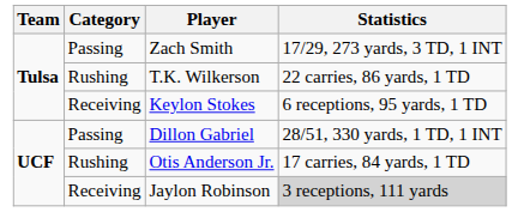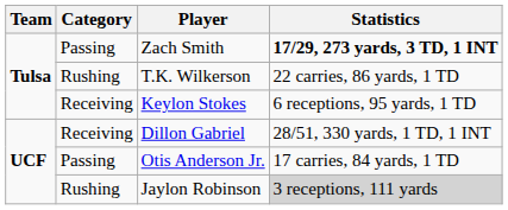 <table class="wikitable" style="float: right;">
 <tr>
 <th>Team</th>
 <th>Category</th>
 <th>Player</th>
 <th>Statistics</th>
 </tr>
 <tr>
 <td rowspan=3><strong>Tulsa</strong></td>
 <td>Passing</td>
 <td>Zach Smith</td>
-<td>17/29, 273 yards, 3 TD, 1 INT</td>
+<td><strong>17/29, 273 yards, 3 TD, 1 INT</strong></td>
 </tr>
 <tr>
 <td>Rushing</td>
 <td>T.K. Wilkerson</td>
 <td>22 carries, 86 yards, 1 TD</td>
 </tr>
 <tr>
 <td>Receiving</td>
 <td><a href='#'>Keylon Stokes</a></td>
 <td>6 receptions, 95 yards, 1 TD</td>
 </tr>
 <tr>
 <td rowspan=3><strong>UCF</strong></td>
-<td>Passing</td>
+<td>Receiving</td>
 <td><a href='#'>Dillon Gabriel</a></td>
 <td>28/51, 330 yards, 1 TD, 1 INT</td>
 </tr>
 <tr>
-<td>Rushing</td>
+<td>Passing</td>
 <td><a href='#'>Otis Anderson Jr.</a></td>
 <td>17 carries, 84 yards, 1 TD</td>
 </tr>
 <tr>
-<td>Receiving</td>
+<td>Rushing</td>
 <td>Jaylon Robinson</td>
 <td style="background: lightgrey;">3 receptions, 111 yards</td>
 </tr>
 </table>
